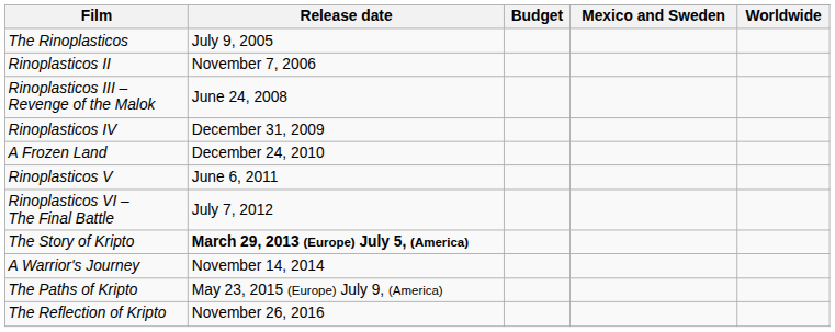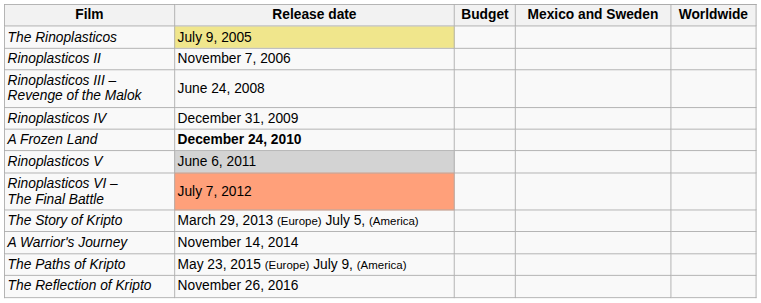 <table class="wikitable" width=99% border="1">
 <tr>
 <th rowspan="2" align="center">Film</th>
 <th rowspan="2" align="center">Release date</th>
 <th rowspan="2" align="center">Budget</th>
 </tr>
 <tr>
 <th align="center">Mexico and Sweden</th>
 <th align="center">Worldwide</th>
 </tr>
 <tr>
 <td><em>The Rinoplasticos</em></td>
-<td>July 9, 2005</td>
+<td style="background: khaki;">July 9, 2005</td>
 <td align="right"></td>
 <td align="right"></td>
 <td align="center"></td>
 </tr>
 <tr>
 <td><em>Rinoplasticos II</em></td>
 <td>November 7, 2006</td>
 <td align="right"></td>
 <td align="right"></td>
 <td align="center"></td>
 </tr>
 <tr>
 <td><em>Rinoplasticos III –<br> Revenge of the Malok</em></td>
 <td>June 24, 2008</td>
 <td align="right"></td>
 <td align="right"></td>
 <td align="center"></td>
 </tr>
 <tr>
 <td><em>Rinoplasticos IV</em></td>
 <td>December 31, 2009</td>
 <td align="right"></td>
 <td align="right"></td>
 <td align="center"></td>
 </tr>
 <tr>
 <td><em>A Frozen Land</em></td>
-<td>December 24, 2010</td>
+<td><strong>December 24, 2010</strong></td>
 <td align="right"></td>
 <td align="right"></td>
 <td align="center"></td>
 </tr>
 <tr>
 <td><em>Rinoplasticos V</em></td>
-<td>June 6, 2011</td>
+<td style="background: lightgrey;">June 6, 2011</td>
 <td align="right"></td>
 <td align="right"></td>
 <td align="center"></td>
 </tr>
 <tr>
 <td><em>Rinoplasticos VI –<br> The Final Battle</em></td>
-<td>July 7, 2012</td>
+<td style="background: lightsalmon;">July 7, 2012</td>
 <td align="right"></td>
 <td align="right"></td>
 <td align="center"></td>
 </tr>
 <tr>
 <td><em>The Story of Kripto</em></td>
-<td><strong>March 29, 2013 <small>(Europe)</small> July 5, <small>(America)</small></strong></td>
+<td>March 29, 2013 <small>(Europe)</small> July 5, <small>(America)</small></td>
 <td align="right"></td>
 <td align="right"></td>
 <td align="center"></td>
 </tr>
 <tr>
 <td><em>A Warrior's Journey</em></td>
 <td>November 14, 2014</td>
 <td align="right"></td>
 <td align="right"></td>
 <td align="center"></td>
 </tr>
 <tr>
 <td><em>The Paths of Kripto</em></td>
 <td>May 23, 2015 <small>(Europe)</small> July 9, <small>(America)</small></td>
 <td align="right"></td>
 <td align="right"></td>
 <td align="center"></td>
 </tr>
 <tr>
 <td><em>The Reflection of Kripto</em></td>
 <td>November 26, 2016</td>
 <td align="right"></td>
 <td align="right"></td>
 <td align="center"></td>
 </tr>
 </table>
